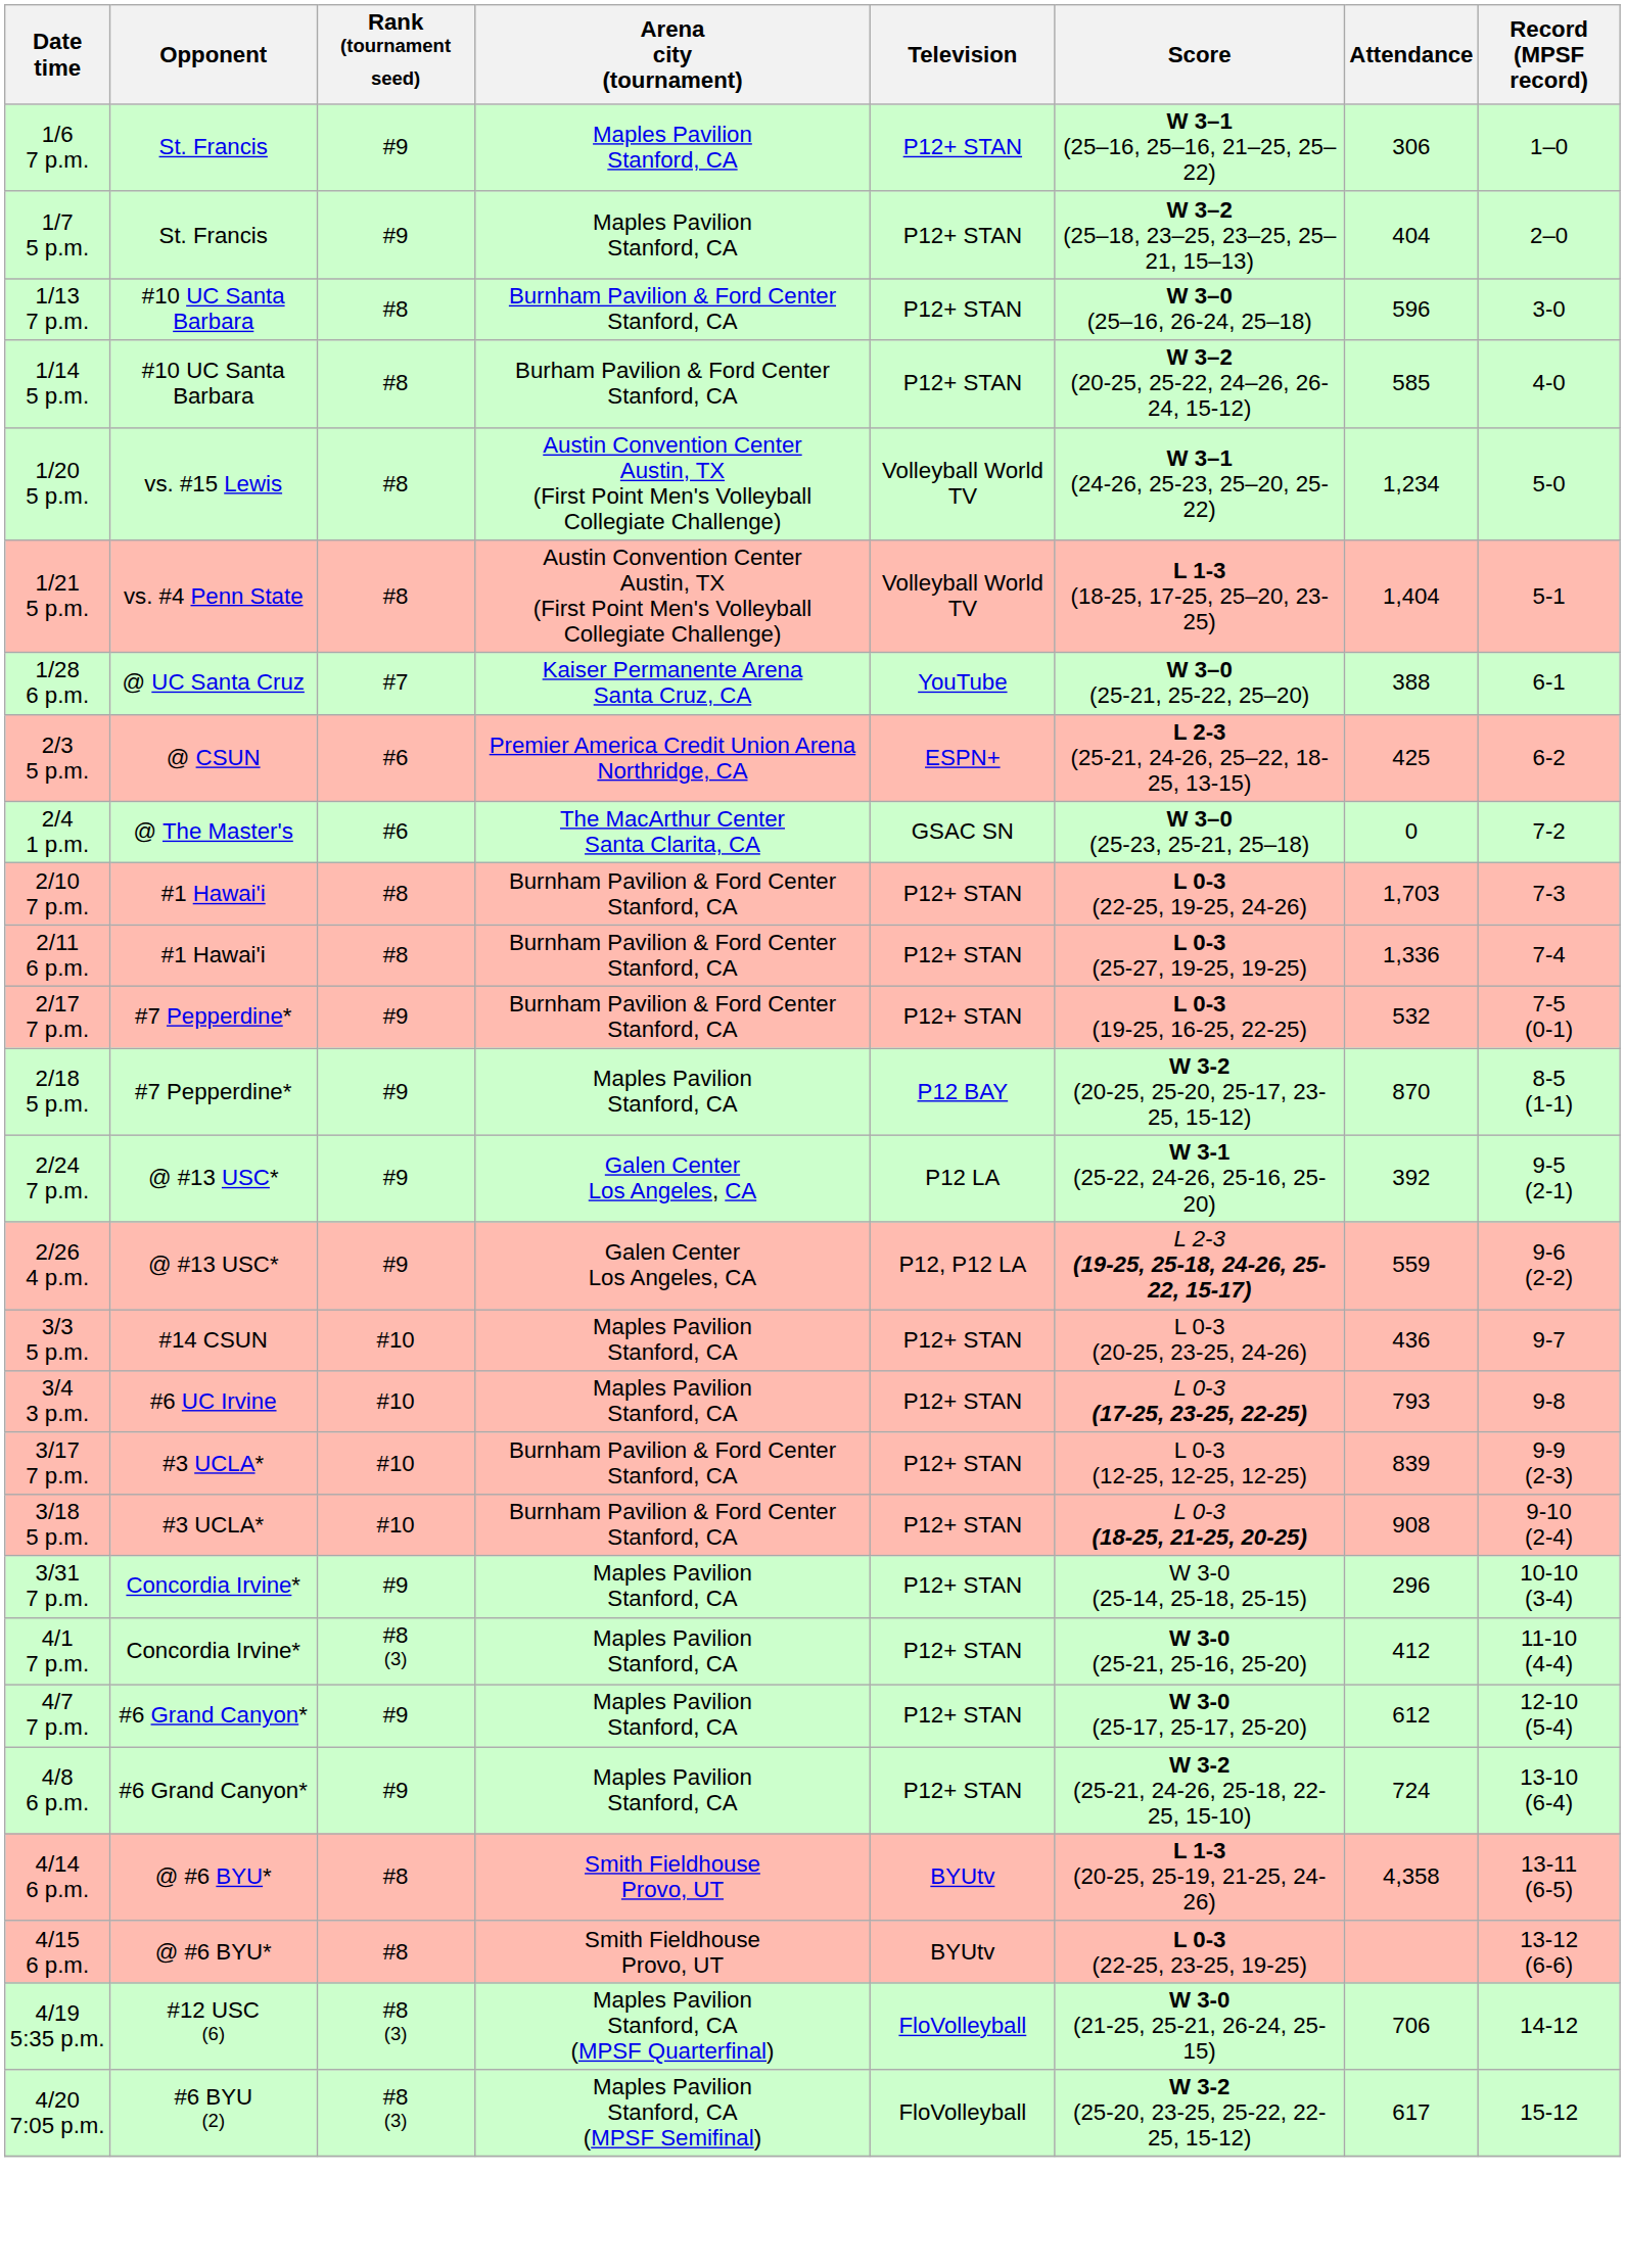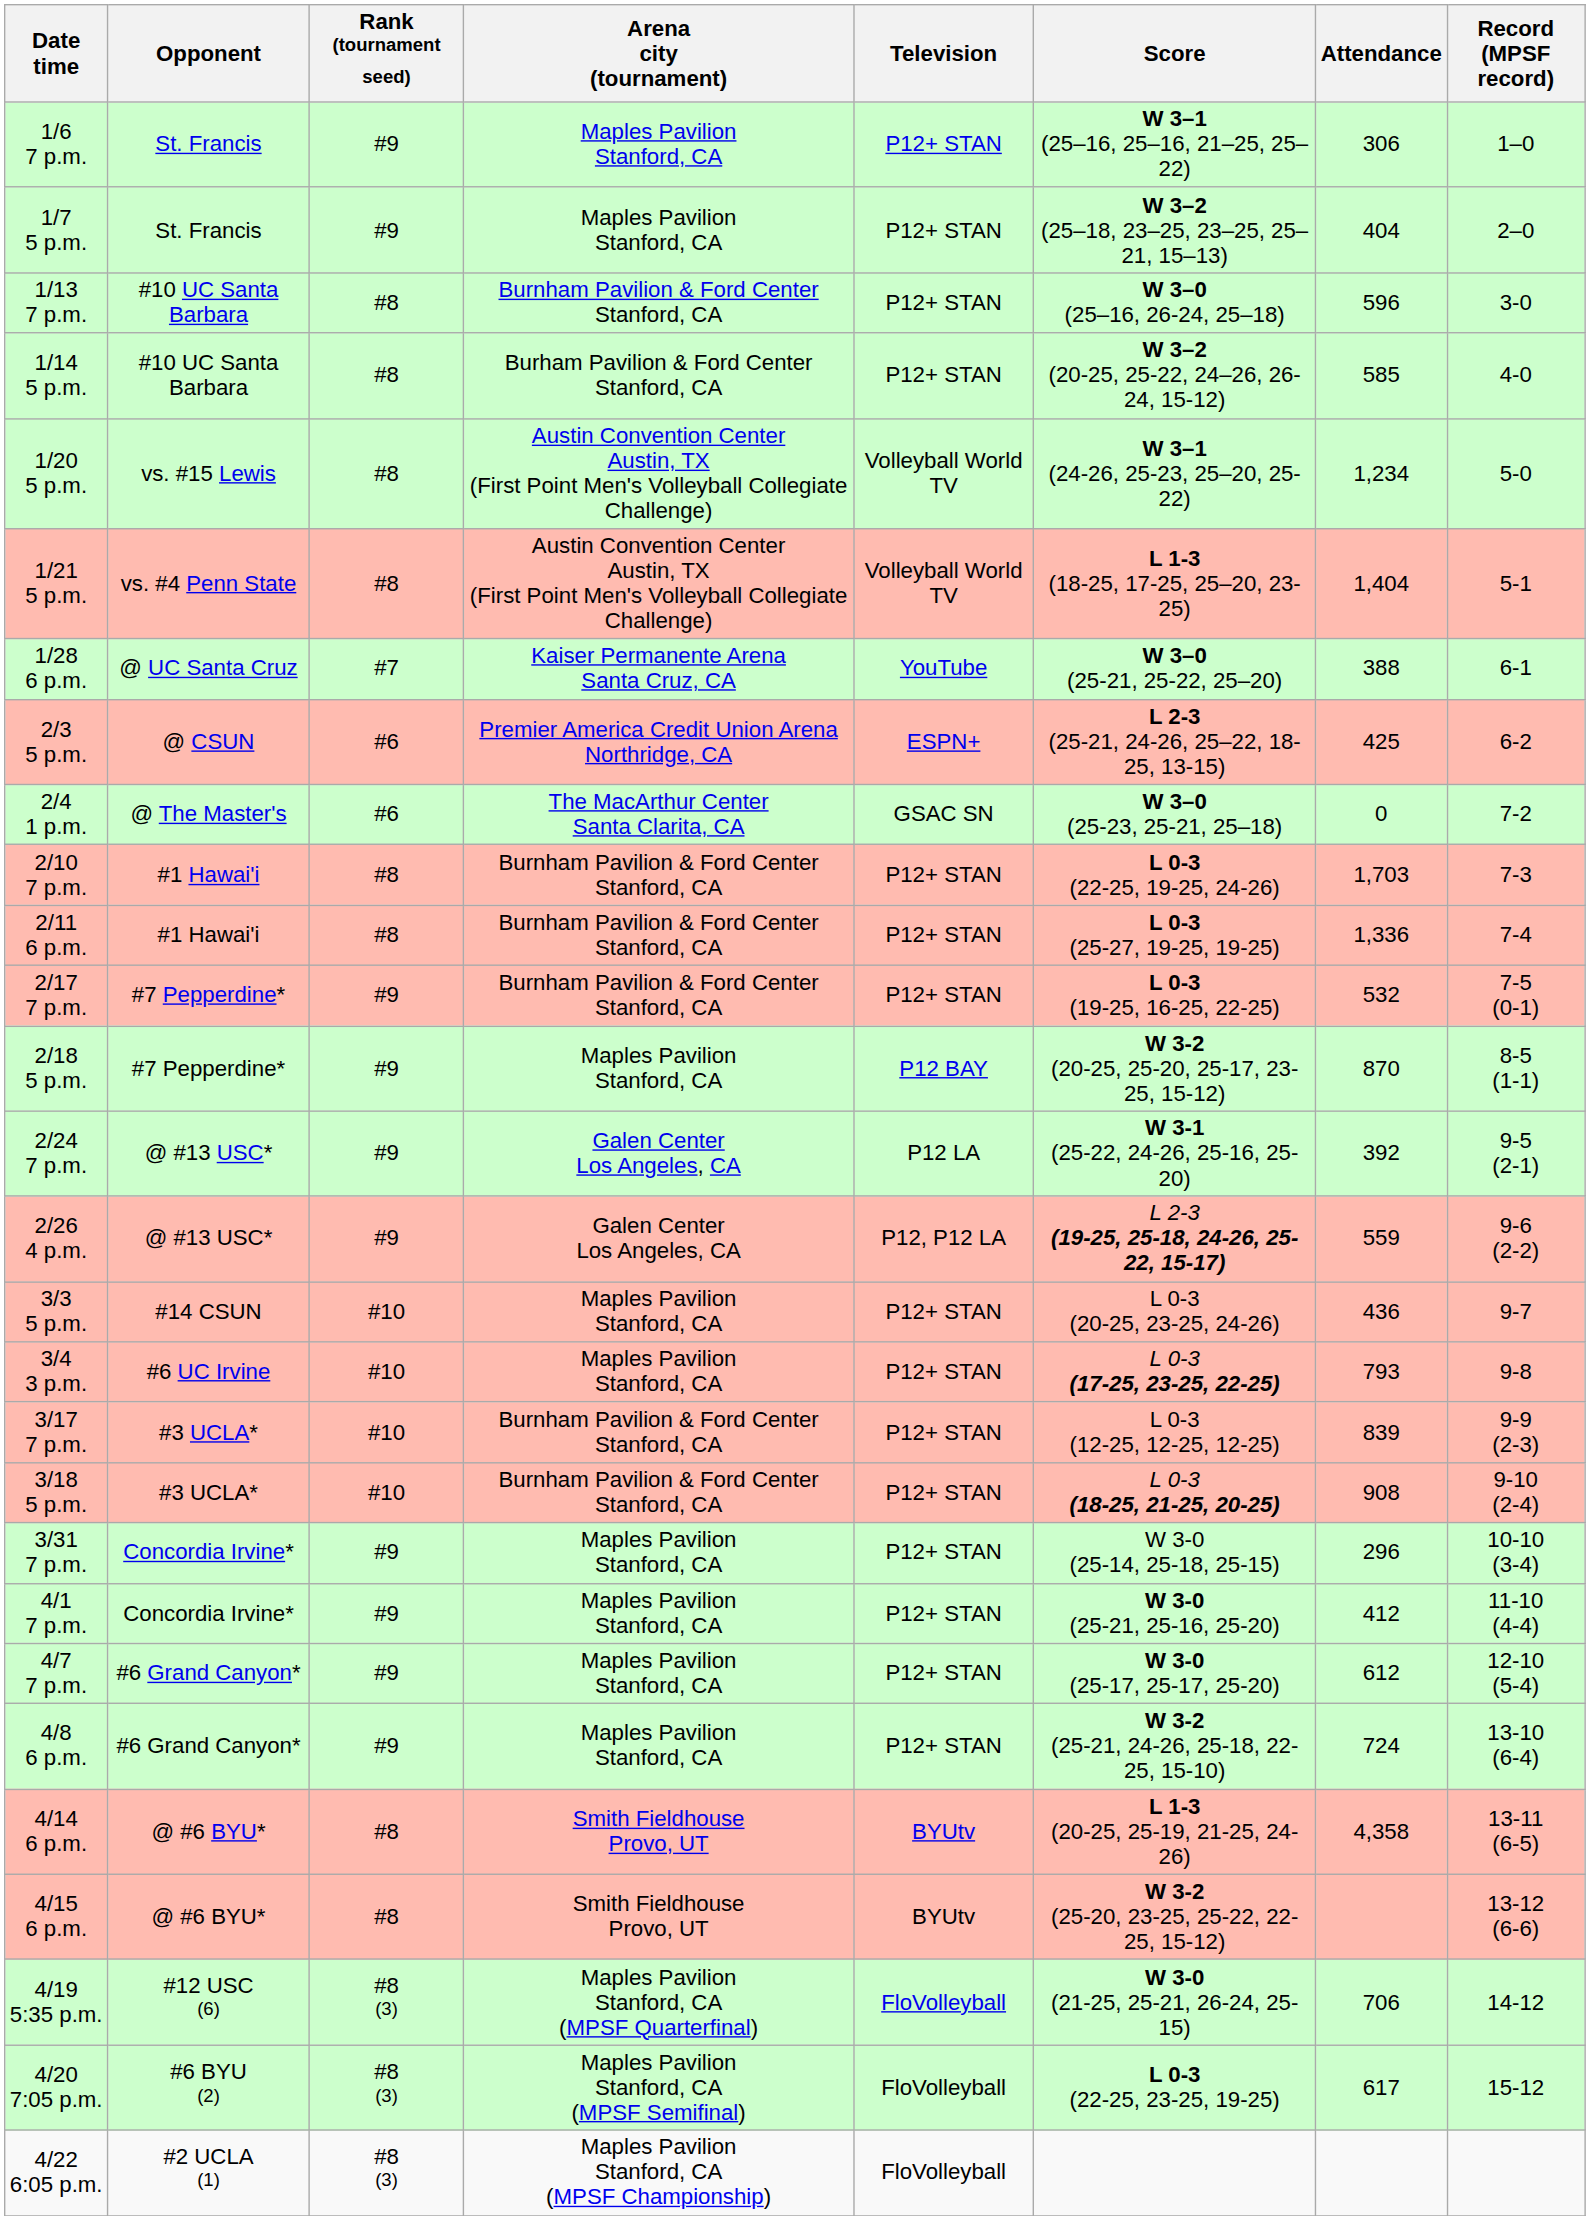 <table class="wikitable sortable" style="width:90%">
 <tr>
 <th>Date<br>time</th>
 <th>Opponent</th>
 <th>Rank<br><sup>(tournament seed)</sup></th>
 <th>Arena<br>city<br>(tournament)</th>
 <th>Television</th>
 <th>Score</th>
 <th>Attendance</th>
 <th>Record<br>(MPSF record)</th>
 </tr>
 <tr align="center" bgcolor="#ccffcc">
 <td>1/6<br>7 p.m.</td>
 <td><a href='#'>St. Francis</a></td>
 <td>#9</td>
 <td><a href='#'>Maples Pavilion</a><br><a href='#'>Stanford, CA</a></td>
 <td><a href='#'>P12+ STAN</a></td>
 <td><strong>W 3–1</strong><br>(25–16, 25–16, 21–25, 25–22)</td>
 <td>306</td>
 <td>1–0</td>
 </tr>
 <tr align="center" bgcolor="#ccffcc">
 <td>1/7<br>5 p.m.</td>
 <td>St. Francis</td>
 <td>#9</td>
 <td>Maples Pavilion<br>Stanford, CA</td>
 <td>P12+ STAN</td>
 <td><strong>W 3–2</strong><br> (25–18, 23–25, 23–25, 25–21, 15–13)</td>
 <td>404</td>
 <td>2–0</td>
 </tr>
 <tr align="center" bgcolor="#ccffcc">
 <td>1/13<br>7 p.m.</td>
 <td>#10 <a href='#'>UC Santa Barbara</a></td>
 <td>#8</td>
 <td><a href='#'>Burnham Pavilion & Ford Center</a><br>Stanford, CA</td>
 <td>P12+ STAN</td>
 <td><strong>W 3–0</strong><br>(25–16, 26-24, 25–18)</td>
 <td>596</td>
 <td>3-0</td>
 </tr>
 <tr align="center" bgcolor="#ccffcc">
 <td>1/14<br>5 p.m.</td>
 <td>#10 UC Santa Barbara</td>
 <td>#8</td>
 <td>Burham Pavilion & Ford Center<br>Stanford, CA</td>
 <td>P12+ STAN</td>
 <td><strong>W 3–2</strong><br>(20-25, 25-22, 24–26, 26-24, 15-12)</td>
 <td>585</td>
 <td>4-0</td>
 </tr>
 <tr align="center" bgcolor="#ccffcc">
 <td>1/20<br>5 p.m.</td>
 <td>vs. #15 <a href='#'>Lewis</a></td>
 <td>#8</td>
 <td><a href='#'>Austin Convention Center</a><br><a href='#'>Austin, TX</a><br>(First Point Men's Volleyball Collegiate Challenge)</td>
 <td>Volleyball World TV</td>
 <td><strong>W 3–1</strong><br>(24-26, 25-23, 25–20, 25-22)</td>
 <td>1,234</td>
 <td>5-0</td>
 </tr>
 <tr align="center" bgcolor="#ffbbb">
 <td>1/21<br>5 p.m.</td>
 <td>vs. #4 <a href='#'>Penn State</a></td>
 <td>#8</td>
 <td>Austin Convention Center<br>Austin, TX<br>(First Point Men's Volleyball Collegiate Challenge)</td>
 <td>Volleyball World TV</td>
 <td><strong>L 1-3</strong><br>(18-25, 17-25, 25–20, 23-25)</td>
 <td>1,404</td>
 <td>5-1</td>
 </tr>
 <tr align="center" bgcolor="#ccffcc">
 <td>1/28<br>6 p.m.</td>
 <td>@ <a href='#'>UC Santa Cruz</a></td>
 <td>#7</td>
 <td><a href='#'>Kaiser Permanente Arena</a><br><a href='#'>Santa Cruz, CA</a></td>
 <td><a href='#'>YouTube</a></td>
 <td><strong>W 3–0</strong><br>(25-21, 25-22, 25–20)</td>
 <td>388</td>
 <td>6-1</td>
 </tr>
 <tr align="center" bgcolor="#ffbbb">
 <td>2/3<br>5 p.m.</td>
 <td>@ <a href='#'>CSUN</a></td>
 <td>#6</td>
 <td><a href='#'>Premier America Credit Union Arena</a><br><a href='#'>Northridge, CA</a></td>
 <td><a href='#'>ESPN+</a></td>
 <td><strong>L 2-3</strong><br>(25-21, 24-26, 25–22, 18-25, 13-15)</td>
 <td>425</td>
 <td>6-2</td>
 </tr>
 <tr align="center" bgcolor="#ccffcc">
 <td>2/4<br>1 p.m.</td>
 <td>@ <a href='#'>The Master's</a></td>
 <td>#6</td>
 <td><a href='#'>The MacArthur Center</a><br><a href='#'>Santa Clarita, CA</a></td>
 <td>GSAC SN</td>
 <td><strong>W 3–0</strong><br>(25-23, 25-21, 25–18)</td>
 <td>0</td>
 <td>7-2</td>
 </tr>
 <tr align="center" bgcolor="#ffbbb">
 <td>2/10<br>7 p.m.</td>
 <td>#1 <a href='#'>Hawai'i</a></td>
 <td>#8</td>
 <td>Burnham Pavilion & Ford Center<br>Stanford, CA</td>
 <td>P12+ STAN</td>
 <td><strong>L 0-3</strong><br>(22-25, 19-25, 24-26)</td>
 <td>1,703</td>
 <td>7-3</td>
 </tr>
 <tr align="center" bgcolor="#ffbbb">
 <td>2/11<br>6 p.m.</td>
 <td>#1 Hawai'i</td>
 <td>#8</td>
 <td>Burnham Pavilion & Ford Center<br>Stanford, CA</td>
 <td>P12+ STAN</td>
 <td><strong>L 0-3</strong><br>(25-27, 19-25, 19-25)</td>
 <td>1,336</td>
 <td>7-4</td>
 </tr>
 <tr align="center" bgcolor="#ffbbb">
 <td>2/17<br>7 p.m.</td>
 <td>#7 <a href='#'>Pepperdine</a>*</td>
 <td>#9</td>
 <td>Burnham Pavilion & Ford Center<br>Stanford, CA</td>
 <td>P12+ STAN</td>
 <td><strong>L 0-3</strong><br>(19-25, 16-25, 22-25)</td>
 <td>532</td>
 <td>7-5<br>(0-1)</td>
 </tr>
 <tr align="center" bgcolor="#ccffcc">
 <td>2/18<br>5 p.m.</td>
 <td>#7 Pepperdine*</td>
 <td>#9</td>
 <td>Maples Pavilion<br>Stanford, CA</td>
 <td><a href='#'>P12 BAY</a></td>
 <td><strong>W 3-2</strong><br>(20-25, 25-20, 25-17, 23-25, 15-12)</td>
 <td>870</td>
 <td>8-5<br>(1-1)</td>
 </tr>
 <tr align="center" bgcolor="#ccffcc">
 <td>2/24<br>7 p.m.</td>
 <td>@ #13 <a href='#'>USC</a>*</td>
 <td>#9</td>
 <td><a href='#'>Galen Center</a><br><a href='#'>Los Angeles</a>, <a href='#'>CA</a></td>
 <td>P12 LA</td>
 <td><strong>W 3-1</strong><br>(25-22, 24-26, 25-16, 25-20)</td>
 <td>392</td>
 <td>9-5<br>(2-1)</td>
 </tr>
 <tr align="center" bgcolor="#ffbbb">
 <td>2/26<br>4 p.m.</td>
 <td>@ #13 USC*</td>
 <td>#9</td>
 <td>Galen Center<br>Los Angeles, CA</td>
 <td>P12, P12 LA</td>
 <td><em>L 2-3<strong><br>(19-25, 25-18, 24-26, 25-22, 15-17)</td>
 <td>559</td>
 <td>9-6<br>(2-2)</td>
 </tr>
 <tr align="center" bgcolor="#ffbbb">
 <td>3/3<br>5 p.m.</td>
 <td>#14 CSUN</td>
 <td>#10</td>
 <td>Maples Pavilion<br>Stanford, CA</td>
 <td>P12+ STAN</td>
 <td></em>L 0-3</strong><br>(20-25, 23-25, 24-26)</td>
 <td>436</td>
 <td>9-7</td>
 </tr>
 <tr align="center"  bgcolor="#ffbbb">
 <td>3/4<br>3 p.m.</td>
 <td>#6 <a href='#'>UC Irvine</a></td>
 <td>#10</td>
 <td>Maples Pavilion<br>Stanford, CA</td>
 <td>P12+ STAN</td>
 <td><em>L 0-3<strong><br>(17-25, 23-25, 22-25)</td>
 <td>793</td>
 <td>9-8</td>
 </tr>
 <tr align="center" bgcolor="#ffbbb">
 <td>3/17<br>7 p.m.</td>
 <td>#3 <a href='#'>UCLA</a>*</td>
 <td>#10</td>
 <td>Burnham Pavilion & Ford Center<br>Stanford, CA</td>
 <td>P12+ STAN</td>
 <td></em>L 0-3</strong><br>(12-25, 12-25, 12-25)</td>
 <td>839</td>
 <td>9-9<br>(2-3)</td>
 </tr>
 <tr align="center" bgcolor="#ffbbb">
 <td>3/18<br>5 p.m.</td>
 <td>#3 UCLA*</td>
 <td>#10</td>
 <td>Burnham Pavilion & Ford Center<br>Stanford, CA</td>
 <td>P12+ STAN</td>
 <td><em>L 0-3<strong><br>(18-25, 21-25, 20-25)</td>
 <td>908</td>
 <td>9-10<br>(2-4)</td>
 </tr>
 <tr align="center"  bgcolor="#ccffcc">
 <td>3/31<br>7 p.m.</td>
 <td><a href='#'>Concordia Irvine</a>*</td>
 <td>#9</td>
 <td>Maples Pavilion<br>Stanford, CA</td>
 <td>P12+ STAN</td>
 <td></em>W 3-0</strong><br>(25-14, 25-18, 25-15)</td>
 <td>296</td>
 <td>10-10<br>(3-4)</td>
 </tr>
 <tr align="center" bgcolor="#ccffcc">
 <td>4/1<br>7 p.m.</td>
 <td>Concordia Irvine*</td>
-<td>#8<br><sup>(3)</sup></td>
+<td>#9</td>
 <td>Maples Pavilion<br>Stanford, CA</td>
 <td>P12+ STAN</td>
 <td><strong>W 3-0</strong><br>(25-21, 25-16, 25-20)</td>
 <td>412</td>
 <td>11-10<br>(4-4)</td>
 </tr>
 <tr align="center" bgcolor="#ccffcc">
 <td>4/7<br>7 p.m.</td>
 <td>#6 <a href='#'>Grand Canyon</a>*</td>
 <td>#9</td>
 <td>Maples Pavilion<br>Stanford, CA</td>
 <td>P12+ STAN</td>
 <td><strong>W 3-0</strong><br>(25-17, 25-17, 25-20)</td>
 <td>612</td>
 <td>12-10<br>(5-4)</td>
 </tr>
 <tr align="center" bgcolor="#ccffcc">
 <td>4/8<br>6 p.m.</td>
 <td>#6 Grand Canyon*</td>
 <td>#9</td>
 <td>Maples Pavilion<br>Stanford, CA</td>
 <td>P12+ STAN</td>
 <td><strong>W 3-2</strong><br>(25-21, 24-26, 25-18, 22-25, 15-10)</td>
 <td>724</td>
 <td>13-10<br>(6-4)</td>
 </tr>
 <tr align="center" bgcolor="#ffbbb">
 <td>4/14<br>6 p.m.</td>
 <td>@ #6 <a href='#'>BYU</a>*</td>
 <td>#8</td>
 <td><a href='#'>Smith Fieldhouse</a><br><a href='#'>Provo, UT</a></td>
 <td><a href='#'>BYUtv</a></td>
 <td><strong>L 1-3</strong><br>(20-25, 25-19, 21-25, 24-26)</td>
 <td>4,358</td>
 <td>13-11<br>(6-5)</td>
 </tr>
 <tr align="center"  bgcolor="#ffbbb">
 <td>4/15<br>6 p.m.</td>
 <td>@ #6 BYU*</td>
 <td>#8</td>
 <td>Smith Fieldhouse<br>Provo, UT</td>
 <td>BYUtv</td>
-<td><strong>L 0-3</strong><br>(22-25, 23-25, 19-25)</td>
+<td><strong>W 3-2</strong><br>(25-20, 23-25, 25-22, 22-25, 15-12)</td>
 <td></td>
 <td>13-12<br>(6-6)</td>
 </tr>
 <tr align="center" bgcolor="#ccffcc">
 <td>4/19<br>5:35 p.m.</td>
 <td>#12 USC<br><sup>(6)</sup></td>
 <td>#8<br><sup>(3)</sup></td>
 <td>Maples Pavilion<br>Stanford, CA<br>(<a href='#'>MPSF Quarterfinal</a>)</td>
 <td><a href='#'>FloVolleyball</a></td>
 <td><strong>W 3-0</strong><br>(21-25, 25-21, 26-24, 25-15)</td>
 <td>706</td>
 <td>14-12</td>
 </tr>
 <tr align="center" bgcolor="#ccffcc">
 <td>4/20<br>7:05 p.m.</td>
 <td>#6 BYU<br><sup>(2)</sup></td>
 <td>#8<br><sup>(3)</sup></td>
 <td>Maples Pavilion<br>Stanford, CA<br>(<a href='#'>MPSF Semifinal</a>)</td>
 <td>FloVolleyball</td>
-<td><strong>W 3-2</strong><br>(25-20, 23-25, 25-22, 22-25, 15-12)</td>
+<td><strong>L 0-3</strong><br>(22-25, 23-25, 19-25)</td>
 <td>617</td>
 <td>15-12</td>
+</tr>
+<tr align="center">
+<td>4/22<br>6:05 p.m.</td>
+<td>#2 UCLA<br><sup>(1)</sup></td>
+<td>#8<br><sup>(3)</sup></td>
+<td>Maples Pavilion<br>Stanford, CA<br>(<a href='#'>MPSF Championship</a>)</td>
+<td>FloVolleyball</td>
+<td></td>
+<td></td>
+<td></td>
 </tr>
 <tr>
 </tr>
 </table>
